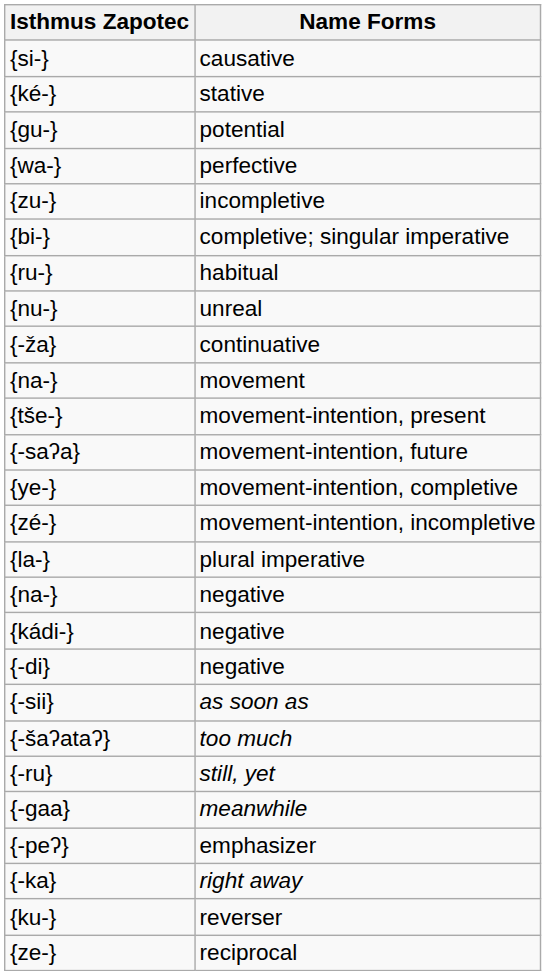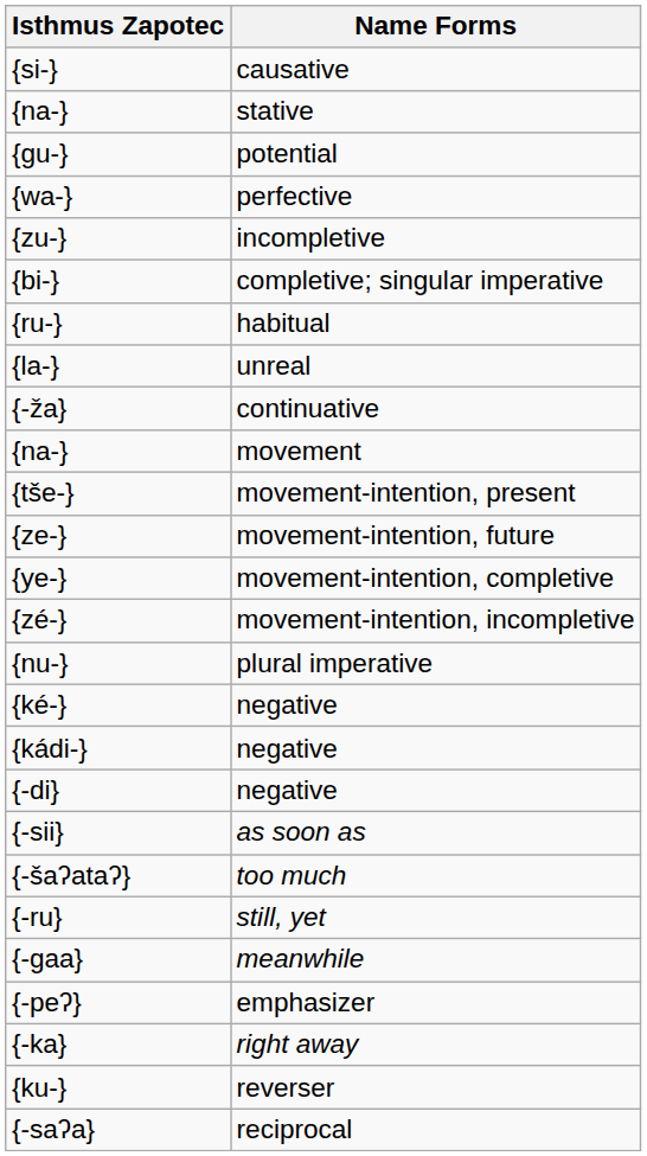 <table class="wikitable">
 <tr>
 <th>Isthmus Zapotec</th>
 <th>Name Forms</th>
 </tr>
 <tr>
 <td>{si-}</td>
 <td>causative</td>
 </tr>
 <tr>
-<td>{ké-}</td>
+<td>{na-}</td>
 <td>stative</td>
 </tr>
 <tr>
 <td>{gu-}</td>
 <td>potential</td>
 </tr>
 <tr>
 <td>{wa-}</td>
 <td>perfective</td>
 </tr>
 <tr>
 <td>{zu-}</td>
 <td>incompletive</td>
 </tr>
 <tr>
 <td>{bi-}</td>
 <td>completive; singular imperative</td>
 </tr>
 <tr>
 <td>{ru-}</td>
 <td>habitual</td>
 </tr>
 <tr>
-<td>{nu-}</td>
+<td>{la-}</td>
 <td>unreal</td>
 </tr>
 <tr>
 <td>{-ža}</td>
 <td>continuative</td>
 </tr>
 <tr>
 <td>{na-}</td>
 <td>movement</td>
 </tr>
 <tr>
 <td>{tše-}</td>
 <td>movement-intention, present</td>
 </tr>
 <tr>
-<td>{-saʔa}</td>
+<td>{ze-}</td>
 <td>movement-intention, future</td>
 </tr>
 <tr>
 <td>{ye-}</td>
 <td>movement-intention, completive</td>
 </tr>
 <tr>
 <td>{zé-}</td>
 <td>movement-intention, incompletive</td>
 </tr>
 <tr>
-<td>{la-}</td>
+<td>{nu-}</td>
 <td>plural imperative</td>
 </tr>
 <tr>
-<td>{na-}</td>
+<td>{ké-}</td>
 <td>negative</td>
 </tr>
 <tr>
 <td>{kádi-}</td>
 <td>negative</td>
 </tr>
 <tr>
 <td>{-di}</td>
 <td>negative</td>
 </tr>
 <tr>
 <td>{-sii}</td>
 <td><em>as soon as</em></td>
 </tr>
 <tr>
 <td>{-šaʔataʔ}</td>
 <td><em>too much</em></td>
 </tr>
 <tr>
 <td>{-ru}</td>
 <td><em>still, yet</em></td>
 </tr>
 <tr>
 <td>{-gaa}</td>
 <td><em>meanwhile</em></td>
 </tr>
 <tr>
 <td>{-peʔ}</td>
 <td>emphasizer</td>
 </tr>
 <tr>
 <td>{-ka}</td>
 <td><em>right away</em></td>
 </tr>
 <tr>
 <td>{ku-}</td>
 <td>reverser</td>
 </tr>
 <tr>
-<td>{ze-}</td>
+<td>{-saʔa}</td>
 <td>reciprocal</td>
 </tr>
 </table>
